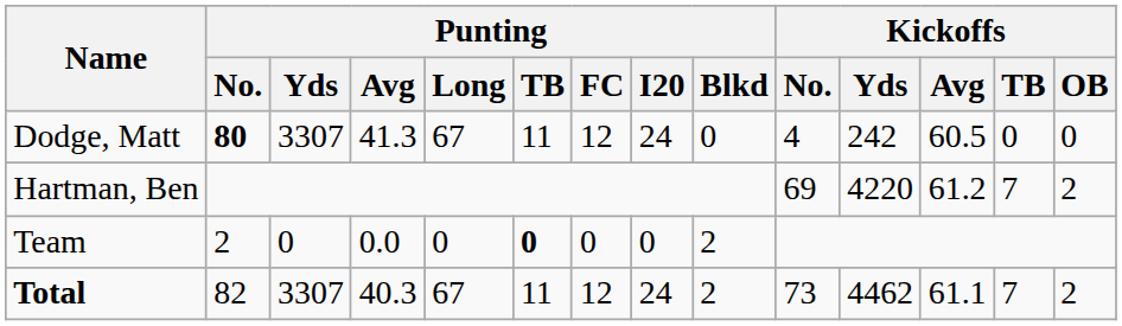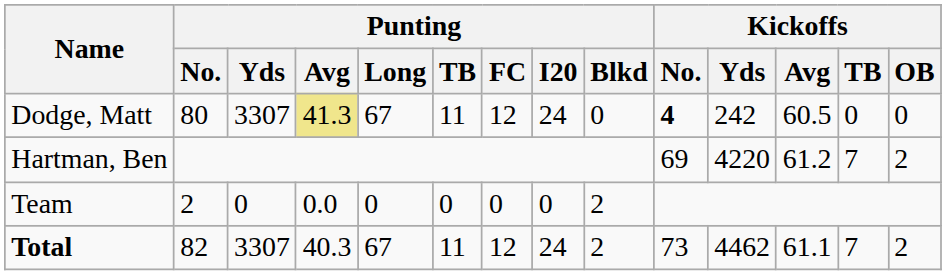 <table class="wikitable" style="white-space:nowrap;">
 <tr>
 <th rowspan="2">Name</th>
 <th colspan="8">Punting</th>
 <th colspan="5">Kickoffs</th>
 </tr>
 <tr>
 <th>No.</th>
 <th>Yds</th>
 <th>Avg</th>
 <th>Long</th>
 <th>TB</th>
 <th>FC</th>
 <th>I20</th>
 <th>Blkd</th>
 <th>No.</th>
 <th>Yds</th>
 <th>Avg</th>
 <th>TB</th>
 <th>OB</th>
 </tr>
 <tr>
 <td>Dodge, Matt</td>
-<td><strong>80</strong></td>
+<td>80</td>
 <td>3307</td>
-<td>41.3</td>
+<td style="background: khaki;">41.3</td>
 <td>67</td>
 <td>11</td>
 <td>12</td>
 <td>24</td>
 <td>0</td>
-<td>4</td>
+<td><strong>4</strong></td>
 <td>242</td>
 <td>60.5</td>
 <td>0</td>
 <td>0</td>
 </tr>
 <tr>
 <td>Hartman, Ben</td>
 <td colspan="8"></td>
 <td>69</td>
 <td>4220</td>
 <td>61.2</td>
 <td>7</td>
 <td>2</td>
 </tr>
 <tr>
 <td>Team</td>
 <td>2</td>
 <td>0</td>
 <td>0.0</td>
 <td>0</td>
-<td><strong>0</strong></td>
+<td>0</td>
 <td>0</td>
 <td>0</td>
 <td>2</td>
 <td colspan="5"></td>
 </tr>
 <tr>
 <td><strong>Total</strong></td>
 <td>82</td>
 <td>3307</td>
 <td>40.3</td>
 <td>67</td>
 <td>11</td>
 <td>12</td>
 <td>24</td>
 <td>2</td>
 <td>73</td>
 <td>4462</td>
 <td>61.1</td>
 <td>7</td>
 <td>2</td>
 </tr>
 </table>
